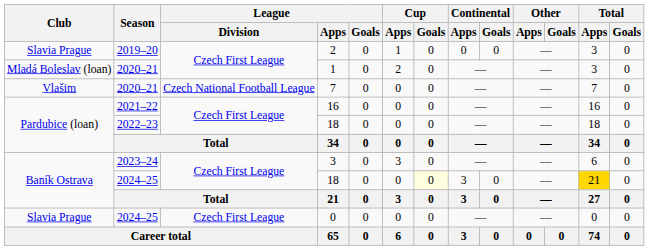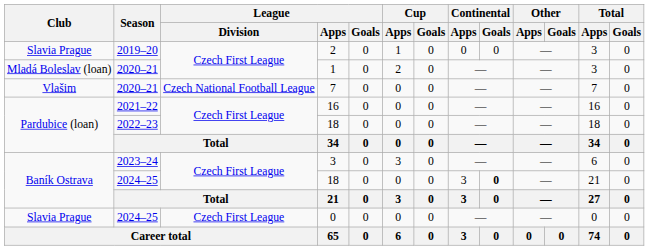 <table class="wikitable" style="text-align:center">
 <tr>
 <th rowspan=2>Club</th>
 <th rowspan=2>Season</th>
 <th colspan=3>League</th>
 <th colspan=2>Cup</th>
 <th colspan=2>Continental</th>
 <th colspan=2>Other</th>
 <th colspan=2>Total</th>
 </tr>
 <tr>
 <th>Division</th>
 <th>Apps</th>
 <th>Goals</th>
 <th>Apps</th>
 <th>Goals</th>
 <th>Apps</th>
 <th>Goals</th>
 <th>Apps</th>
 <th>Goals</th>
 <th>Apps</th>
 <th>Goals</th>
 </tr>
 <tr>
 <td><a href='#'>Slavia Prague</a></td>
 <td><a href='#'>2019–20</a></td>
 <td rowspan="2"><a href='#'>Czech First League</a></td>
 <td>2</td>
 <td>0</td>
 <td>1</td>
 <td>0</td>
 <td>0</td>
 <td>0</td>
 <td colspan="2">—</td>
 <td>3</td>
 <td>0</td>
 </tr>
 <tr>
 <td><a href='#'>Mladá Boleslav</a> (loan)</td>
 <td><a href='#'>2020–21</a></td>
 <td>1</td>
 <td>0</td>
 <td>2</td>
 <td>0</td>
 <td colspan="2">—</td>
 <td colspan="2">—</td>
 <td>3</td>
 <td>0</td>
 </tr>
 <tr>
 <td><a href='#'>Vlašim</a></td>
 <td><a href='#'>2020–21</a></td>
 <td><a href='#'>Czech National Football League</a></td>
 <td>7</td>
 <td>0</td>
 <td>0</td>
 <td>0</td>
 <td colspan="2">—</td>
 <td colspan="2">—</td>
 <td>7</td>
 <td>0</td>
 </tr>
 <tr>
 <td rowspan="3"><a href='#'>Pardubice</a> (loan)</td>
 <td><a href='#'>2021–22</a></td>
 <td rowspan="2"><a href='#'>Czech First League</a></td>
 <td>16</td>
 <td>0</td>
 <td>0</td>
 <td>0</td>
 <td colspan="2">—</td>
 <td colspan="2">—</td>
 <td>16</td>
 <td>0</td>
 </tr>
 <tr>
 <td><a href='#'>2022–23</a></td>
 <td>18</td>
 <td>0</td>
 <td>0</td>
 <td>0</td>
 <td colspan="2">—</td>
 <td colspan="2">—</td>
 <td>18</td>
 <td>0</td>
 </tr>
 <tr>
 <th colspan="2">Total</th>
 <th>34</th>
 <th>0</th>
 <th>0</th>
 <th>0</th>
 <th colspan="2">—</th>
 <th colspan="2">—</th>
 <th>34</th>
 <th>0</th>
 </tr>
 <tr>
 <td rowspan="3"><a href='#'>Baník Ostrava</a></td>
 <td><a href='#'>2023–24</a></td>
 <td rowspan="2"><a href='#'>Czech First League</a></td>
 <td>3</td>
 <td>0</td>
 <td>3</td>
 <td>0</td>
 <td colspan="2">—</td>
 <td colspan="2">—</td>
 <td>6</td>
 <td>0</td>
 </tr>
 <tr>
 <td><a href='#'>2024–25</a></td>
 <td>18</td>
 <td>0</td>
 <td>0</td>
-<td style="background: lightyellow;">0</td>
+<td>0</td>
 <td>3</td>
-<td>0</td>
+<td><strong>0</strong></td>
 <td colspan="2">—</td>
-<td style="background: gold;">21</td>
+<td>21</td>
 <td>0</td>
 </tr>
 <tr>
 <th colspan="2">Total</th>
 <th>21</th>
 <th>0</th>
 <th>3</th>
 <th>0</th>
 <th>3</th>
 <th>0</th>
 <th colspan="2">—</th>
 <th>27</th>
 <th>0</th>
 </tr>
 <tr>
 <td><a href='#'>Slavia Prague</a></td>
 <td><a href='#'>2024–25</a></td>
 <td><a href='#'>Czech First League</a></td>
 <td>0</td>
 <td>0</td>
 <td>0</td>
 <td>0</td>
 <td colspan="2">—</td>
 <td colspan="2">—</td>
 <td>0</td>
 <td>0</td>
 </tr>
 <tr>
 <th colspan="3">Career total</th>
 <th>65</th>
 <th>0</th>
 <th>6</th>
 <th>0</th>
 <th>3</th>
 <th>0</th>
 <th>0</th>
 <th>0</th>
 <th>74</th>
 <th>0</th>
 </tr>
 </table>
